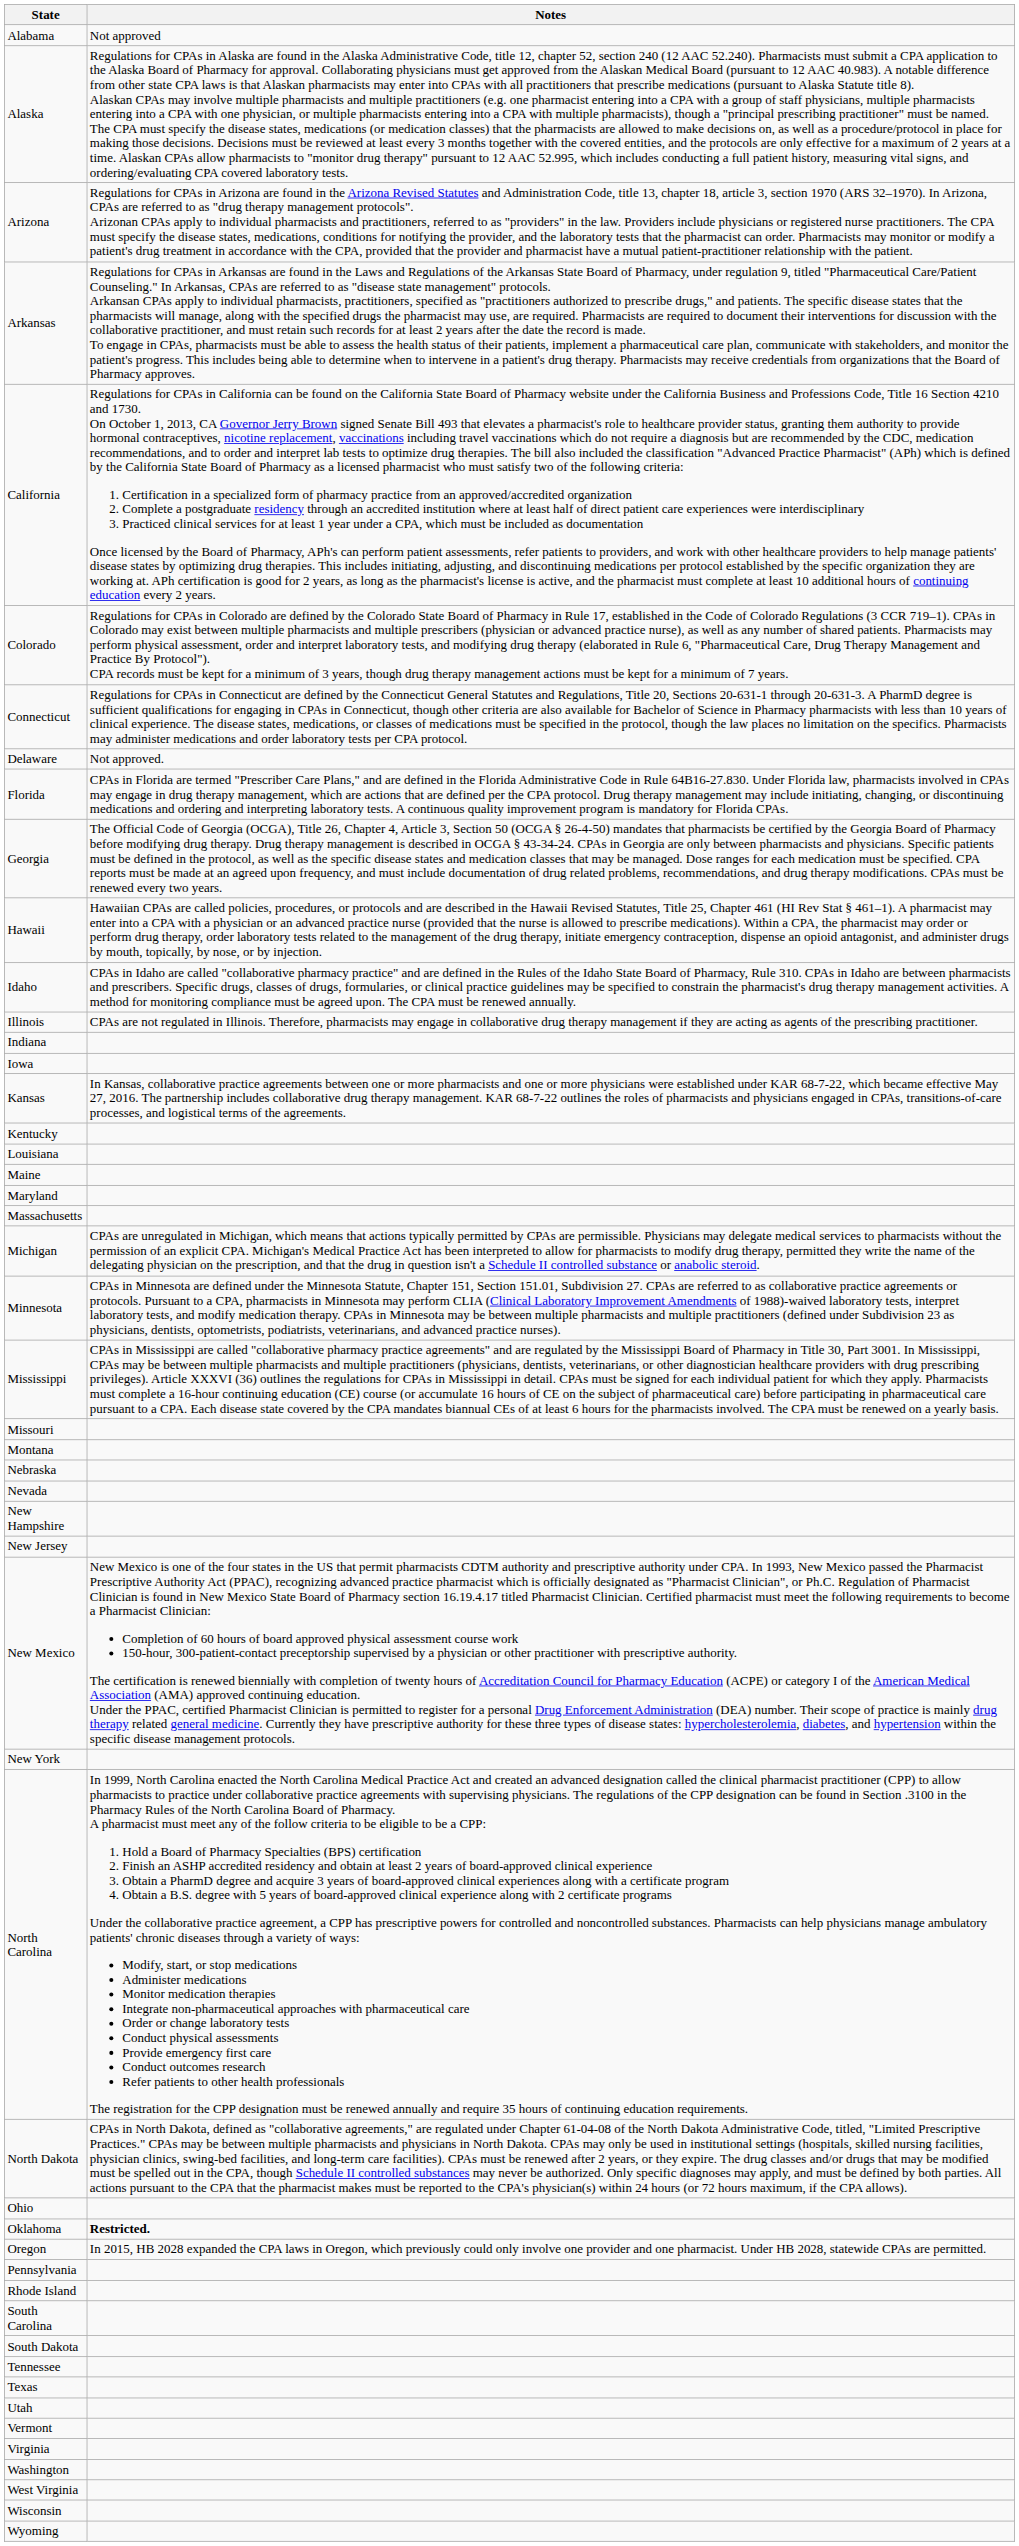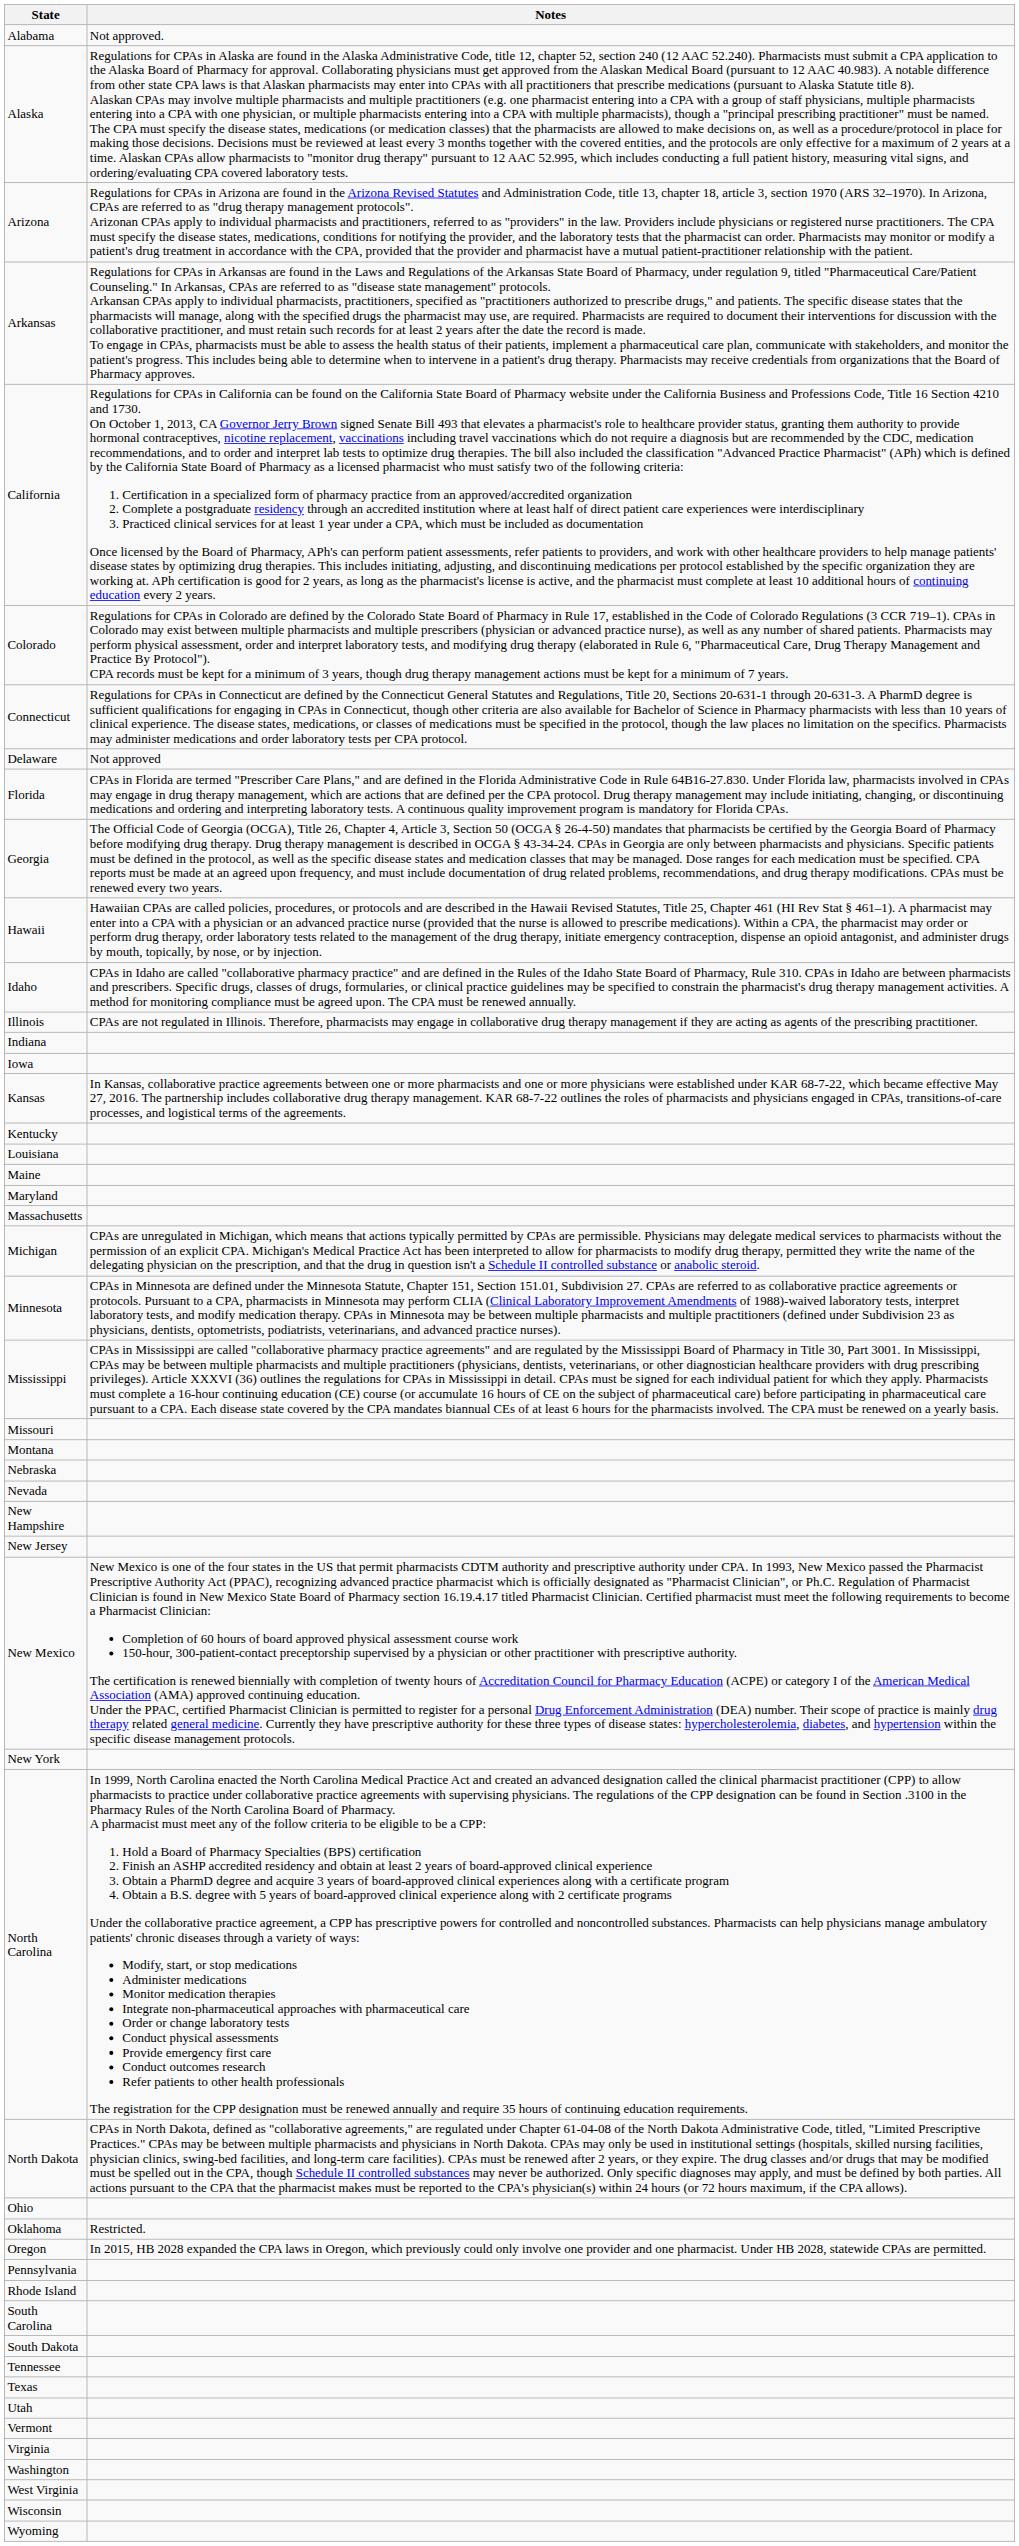 <table class="wikitable mw-collapsible">
 <tr>
 <th>State</th>
 <th>Notes</th>
 </tr>
 <tr>
 <td>Alabama</td>
-<td>Not approved</td>
+<td>Not approved.</td>
 </tr>
 <tr>
 <td>Alaska</td>
 <td>Regulations for CPAs in Alaska are found in the Alaska Administrative Code, title 12, chapter 52, section 240 (12 AAC 52.240). Pharmacists must submit a CPA application to the Alaska Board of Pharmacy for approval. Collaborating physicians must get approved from the Alaskan Medical Board (pursuant to 12 AAC 40.983). A notable difference from other state CPA laws is that Alaskan pharmacists may enter into CPAs with all practitioners that prescribe medications (pursuant to Alaska Statute title 8).<br>Alaskan CPAs may involve multiple pharmacists and multiple practitioners (e.g. one pharmacist entering into a CPA with a group of staff physicians, multiple pharmacists entering into a CPA with one physician, or multiple pharmacists entering into a CPA with multiple pharmacists), though a "principal prescribing practitioner" must be named. The CPA must specify the disease states, medications (or medication classes) that the pharmacists are allowed to make decisions on, as well as a procedure/protocol in place for making those decisions. Decisions must be reviewed at least every 3 months together with the covered entities, and the protocols are only effective for a maximum of 2 years at a time. Alaskan CPAs allow pharmacists to "monitor drug therapy" pursuant to 12 AAC 52.995, which includes conducting a full patient history, measuring vital signs, and ordering/evaluating CPA covered laboratory tests.</td>
 </tr>
 <tr>
 <td>Arizona</td>
 <td>Regulations for CPAs in Arizona are found in the <a href='#'>Arizona Revised Statutes</a> and Administration Code, title 13, chapter 18, article 3, section 1970 (ARS 32–1970). In Arizona, CPAs are referred to as "drug therapy management protocols".<br>Arizonan CPAs apply to individual pharmacists and practitioners, referred to as "providers" in the law. Providers include physicians or registered nurse practitioners. The CPA must specify the disease states, medications, conditions for notifying the provider, and the laboratory tests that the pharmacist can order. Pharmacists may monitor or modify a patient's drug treatment in accordance with the CPA, provided that the provider and pharmacist have a mutual patient-practitioner relationship with the patient.</td>
 </tr>
 <tr>
 <td>Arkansas</td>
 <td>Regulations for CPAs in Arkansas are found in the Laws and Regulations of the Arkansas State Board of Pharmacy, under regulation 9, titled "Pharmaceutical Care/Patient Counseling." In Arkansas, CPAs are referred to as "disease state management" protocols.<br>Arkansan CPAs apply to individual pharmacists, practitioners, specified as "practitioners authorized to prescribe drugs," and patients. The specific disease states that the pharmacists will manage, along with the specified drugs the pharmacist may use, are required. Pharmacists are required to document their interventions for discussion with the collaborative practitioner, and must retain such records for at least 2 years after the date the record is made.<br>To engage in CPAs, pharmacists must be able to assess the health status of their patients, implement a pharmaceutical care plan, communicate with stakeholders, and monitor the patient's progress. This includes being able to determine when to intervene in a patient's drug therapy. Pharmacists may receive credentials from organizations that the Board of Pharmacy approves.</td>
 </tr>
 <tr>
 <td>California</td>
 <td>Regulations for CPAs in California can be found on the California State Board of Pharmacy website under the California Business and Professions Code, Title 16 Section 4210 and 1730.<br>On October 1, 2013, CA <a href='#'>Governor Jerry Brown</a> signed Senate Bill 493 that elevates a pharmacist's role to healthcare provider status, granting them authority to provide hormonal contraceptives, <a href='#'>nicotine replacement</a>, <a href='#'>vaccinations</a> including travel vaccinations which do not require a diagnosis but are recommended by the CDC, medication recommendations, and to order and interpret lab tests to optimize drug therapies. The bill also included the classification "Advanced Practice Pharmacist" (APh) which is defined by the California State Board of Pharmacy as a licensed pharmacist who must satisfy two of the following criteria:<ol><li>Certification in a specialized form of pharmacy practice from an approved/accredited organization</li><li>Complete a postgraduate <a href='#'>residency</a> through an accredited institution where at least half of direct patient care experiences were interdisciplinary</li><li>Practiced clinical services for at least 1 year under a CPA, which must be included as documentation</li></ol>Once licensed by the Board of Pharmacy, APh's can perform patient assessments, refer patients to providers, and work with other healthcare providers to help manage patients' disease states by optimizing drug therapies. This includes initiating, adjusting, and discontinuing medications per protocol established by the specific organization they are working at. APh certification is good for 2 years, as long as the pharmacist's license is active, and the pharmacist must complete at least 10 additional hours of <a href='#'>continuing education</a> every 2 years.</td>
 </tr>
 <tr>
 <td>Colorado</td>
 <td>Regulations for CPAs in Colorado are defined by the Colorado State Board of Pharmacy in Rule 17, established in the Code of Colorado Regulations (3 CCR 719–1). CPAs in Colorado may exist between multiple pharmacists and multiple prescribers (physician or advanced practice nurse), as well as any number of shared patients. Pharmacists may perform physical assessment, order and interpret laboratory tests, and modifying drug therapy (elaborated in Rule 6, "Pharmaceutical Care, Drug Therapy Management and Practice By Protocol").<br>CPA records must be kept for a minimum of 3 years, though drug therapy management actions must be kept for a minimum of 7 years.</td>
 </tr>
 <tr>
 <td>Connecticut</td>
 <td>Regulations for CPAs in Connecticut are defined by the Connecticut General Statutes and Regulations, Title 20, Sections 20-631-1 through 20-631-3. A PharmD degree is sufficient qualifications for engaging in CPAs in Connecticut, though other criteria are also available for Bachelor of Science in Pharmacy pharmacists with less than 10 years of clinical experience. The disease states, medications, or classes of medications must be specified in the protocol, though the law places no limitation on the specifics. Pharmacists may administer medications and order laboratory tests per CPA protocol.</td>
 </tr>
 <tr>
 <td>Delaware</td>
-<td>Not approved.</td>
+<td>Not approved</td>
 </tr>
 <tr>
 <td>Florida</td>
 <td>CPAs in Florida are termed "Prescriber Care Plans," and are defined in the Florida Administrative Code in Rule 64B16-27.830. Under Florida law, pharmacists involved in CPAs may engage in drug therapy management, which are actions that are defined per the CPA protocol. Drug therapy management may include initiating, changing, or discontinuing medications and ordering and interpreting laboratory tests. A continuous quality improvement program is mandatory for Florida CPAs.</td>
 </tr>
 <tr>
 <td>Georgia</td>
 <td>The Official Code of Georgia (OCGA), Title 26, Chapter 4, Article 3, Section 50 (OCGA § 26-4-50) mandates that pharmacists be certified by the Georgia Board of Pharmacy before modifying drug therapy. Drug therapy management is described in OCGA § 43-34-24. CPAs in Georgia are only between pharmacists and physicians. Specific patients must be defined in the protocol, as well as the specific disease states and medication classes that may be managed. Dose ranges for each medication must be specified. CPA reports must be made at an agreed upon frequency, and must include documentation of drug related problems, recommendations, and drug therapy modifications. CPAs must be renewed every two years.</td>
 </tr>
 <tr>
 <td>Hawaii</td>
 <td>Hawaiian CPAs are called policies, procedures, or protocols and are described in the Hawaii Revised Statutes, Title 25, Chapter 461 (HI Rev Stat § 461–1). A pharmacist may enter into a CPA with a physician or an advanced practice nurse (provided that the nurse is allowed to prescribe medications). Within a CPA, the pharmacist may order or perform drug therapy, order laboratory tests related to the management of the drug therapy, initiate emergency contraception, dispense an opioid antagonist, and administer drugs by mouth, topically, by nose, or by injection.</td>
 </tr>
 <tr>
 <td>Idaho</td>
 <td>CPAs in Idaho are called "collaborative pharmacy practice" and are defined in the Rules of the Idaho State Board of Pharmacy, Rule 310. CPAs in Idaho are between pharmacists and prescribers. Specific drugs, classes of drugs, formularies, or clinical practice guidelines may be specified to constrain the pharmacist's drug therapy management activities. A method for monitoring compliance must be agreed upon. The CPA must be renewed annually.</td>
 </tr>
 <tr>
 <td>Illinois</td>
 <td>CPAs are not regulated in Illinois. Therefore, pharmacists may engage in collaborative drug therapy management if they are acting as agents of the prescribing practitioner.</td>
 </tr>
 <tr>
 <td>Indiana</td>
 <td></td>
 </tr>
 <tr>
 <td>Iowa</td>
 <td></td>
 </tr>
 <tr>
 <td>Kansas</td>
 <td>In Kansas, collaborative practice agreements between one or more pharmacists and one or more physicians were established under KAR 68-7-22, which became effective May 27, 2016. The partnership includes collaborative drug therapy management.  KAR 68-7-22 outlines the roles of pharmacists and physicians engaged in CPAs, transitions-of-care processes, and logistical terms of the agreements.</td>
 </tr>
 <tr>
 <td>Kentucky</td>
 <td></td>
 </tr>
 <tr>
 <td>Louisiana</td>
 <td></td>
 </tr>
 <tr>
 <td>Maine</td>
 <td></td>
 </tr>
 <tr>
 <td>Maryland</td>
 <td></td>
 </tr>
 <tr>
 <td>Massachusetts</td>
 <td></td>
 </tr>
 <tr>
 <td>Michigan</td>
 <td>CPAs are unregulated in Michigan, which means that actions typically permitted by CPAs are permissible. Physicians may delegate medical services to pharmacists without the permission of an explicit CPA. Michigan's Medical Practice Act has been interpreted to allow for pharmacists to modify drug therapy, permitted they write the name of the delegating physician on the prescription, and that the drug in question isn't a <a href='#'>Schedule II controlled substance</a> or <a href='#'>anabolic steroid</a>.</td>
 </tr>
 <tr>
 <td>Minnesota</td>
 <td>CPAs in Minnesota are defined under the Minnesota Statute, Chapter 151, Section 151.01, Subdivision 27. CPAs are referred to as collaborative practice agreements or protocols. Pursuant to a CPA, pharmacists in Minnesota may perform CLIA (<a href='#'>Clinical Laboratory Improvement Amendments</a> of 1988)-waived laboratory tests, interpret laboratory tests, and modify medication therapy. CPAs in Minnesota may be between multiple pharmacists and multiple practitioners (defined under Subdivision 23 as physicians, dentists, optometrists, podiatrists, veterinarians, and advanced practice nurses).</td>
 </tr>
 <tr>
 <td>Mississippi</td>
 <td>CPAs in Mississippi are called "collaborative pharmacy practice agreements" and are regulated by the Mississippi Board of Pharmacy in Title 30, Part 3001. In Mississippi, CPAs may be between multiple pharmacists and multiple practitioners (physicians, dentists, veterinarians, or other diagnostician healthcare providers with drug prescribing privileges). Article XXXVI (36) outlines the regulations for CPAs in Mississippi in detail. CPAs must be signed for each individual patient for which they apply. Pharmacists must complete a 16-hour continuing education (CE) course (or accumulate 16 hours of CE on the subject of pharmaceutical care) before participating in pharmaceutical care pursuant to a CPA. Each disease state covered by the CPA mandates biannual CEs of at least 6 hours for the pharmacists involved. The CPA must be renewed on a yearly basis.</td>
 </tr>
 <tr>
 <td>Missouri</td>
 <td></td>
 </tr>
 <tr>
 <td>Montana</td>
 <td></td>
 </tr>
 <tr>
 <td>Nebraska</td>
 <td></td>
 </tr>
 <tr>
 <td>Nevada</td>
 <td></td>
 </tr>
 <tr>
 <td>New Hampshire</td>
 <td></td>
 </tr>
 <tr>
 <td>New Jersey</td>
 <td></td>
 </tr>
 <tr>
 <td>New Mexico</td>
 <td>New Mexico is one of the four states in the US that permit pharmacists CDTM authority and prescriptive authority under CPA. In 1993, New Mexico passed the Pharmacist Prescriptive Authority Act (PPAC), recognizing advanced practice pharmacist which is officially designated as "Pharmacist Clinician", or Ph.C. Regulation of Pharmacist Clinician is found in New Mexico State Board of Pharmacy section 16.19.4.17 titled Pharmacist Clinician. Certified pharmacist must meet the following requirements to become a Pharmacist Clinician:<br><ul><li>Completion of 60 hours of board approved physical assessment course work</li><li>150-hour, 300-patient-contact preceptorship supervised by a physician or other practitioner with prescriptive authority.</li></ul>The certification is renewed biennially with completion of twenty hours of <a href='#'>Accreditation Council for Pharmacy Education</a> (ACPE) or category I of the <a href='#'>American Medical Association</a> (AMA) approved continuing education.<br>Under the PPAC, certified Pharmacist Clinician is permitted to register for a personal <a href='#'>Drug Enforcement Administration</a> (DEA) number. Their scope of practice is mainly <a href='#'>drug therapy</a> related <a href='#'>general medicine</a>. Currently they have prescriptive authority for these three types of disease states: <a href='#'>hypercholesterolemia</a>, <a href='#'>diabetes</a>, and <a href='#'>hypertension</a> within the specific disease management protocols.</td>
 </tr>
 <tr>
 <td>New York</td>
 <td></td>
 </tr>
 <tr>
 <td>North Carolina</td>
 <td>In 1999, North Carolina enacted the North Carolina Medical Practice Act and created an advanced designation called the clinical pharmacist practitioner (CPP) to allow pharmacists to practice under collaborative practice agreements with supervising physicians. The regulations of the CPP designation can be found in Section .3100 in the Pharmacy Rules of the North Carolina Board of Pharmacy.<br>A pharmacist must meet any of the follow criteria to be eligible to be a CPP:<ol><li>Hold a Board of Pharmacy Specialties (BPS) certification</li><li>Finish an ASHP accredited residency and obtain at least 2 years of board-approved clinical experience</li><li>Obtain a PharmD degree and acquire 3 years of board-approved clinical experiences along with a certificate program</li><li>Obtain a B.S. degree with 5 years of board-approved clinical experience along with 2 certificate programs</li></ol>Under the collaborative practice agreement, a CPP has prescriptive powers for controlled and noncontrolled substances. Pharmacists can help physicians manage ambulatory patients' chronic diseases through a variety of ways:<ul><li>Modify, start, or stop medications</li><li>Administer medications</li><li>Monitor medication therapies</li><li>Integrate non-pharmaceutical approaches with pharmaceutical care</li><li>Order or change laboratory tests</li><li>Conduct physical assessments</li><li>Provide emergency first care</li><li>Conduct outcomes research</li><li>Refer patients to other health professionals</li></ul>The registration for the CPP designation must be renewed annually and require 35 hours of continuing education requirements.</td>
 </tr>
 <tr>
 <td>North Dakota</td>
 <td>CPAs in North Dakota, defined as "collaborative agreements," are regulated under Chapter 61-04-08 of the North Dakota Administrative Code, titled, "Limited Prescriptive Practices." CPAs may be between multiple pharmacists and physicians in North Dakota. CPAs may only be used in institutional settings (hospitals, skilled nursing facilities, physician clinics, swing-bed facilities, and long-term care facilities). CPAs must be renewed after 2 years, or they expire. The drug classes and/or drugs that may be modified must be spelled out in the CPA, though <a href='#'>Schedule II controlled substances</a> may never be authorized. Only specific diagnoses may apply, and must be defined by both parties. All actions pursuant to the CPA that the pharmacist makes must be reported to the CPA's physician(s) within 24 hours (or 72 hours maximum, if the CPA allows).</td>
 </tr>
 <tr>
 <td>Ohio</td>
 <td></td>
 </tr>
 <tr>
 <td>Oklahoma</td>
-<td><strong>Restricted.</strong></td>
+<td>Restricted.</td>
 </tr>
 <tr>
 <td>Oregon</td>
 <td>In 2015, HB 2028 expanded the CPA laws in Oregon, which previously could only involve one provider and one pharmacist. Under HB 2028, statewide CPAs are permitted.</td>
 </tr>
 <tr>
 <td>Pennsylvania</td>
 <td></td>
 </tr>
 <tr>
 <td>Rhode Island</td>
 <td></td>
 </tr>
 <tr>
 <td>South Carolina</td>
 <td></td>
 </tr>
 <tr>
 <td>South Dakota</td>
 <td></td>
 </tr>
 <tr>
 <td>Tennessee</td>
 <td></td>
 </tr>
 <tr>
 <td>Texas</td>
 <td></td>
 </tr>
 <tr>
 <td>Utah</td>
 <td></td>
 </tr>
 <tr>
 <td>Vermont</td>
 <td></td>
 </tr>
 <tr>
 <td>Virginia</td>
 <td></td>
 </tr>
 <tr>
 <td>Washington</td>
 <td></td>
 </tr>
 <tr>
 <td>West Virginia</td>
 <td></td>
 </tr>
 <tr>
 <td>Wisconsin</td>
 <td></td>
 </tr>
 <tr>
 <td>Wyoming</td>
 <td></td>
 </tr>
 </table>
